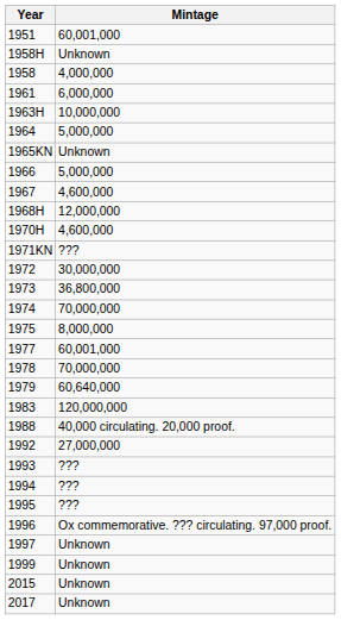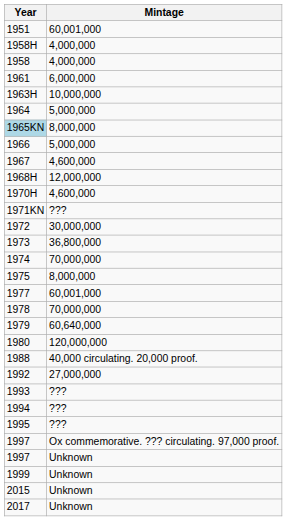 <table class="wikitable">
 <tr>
 <th>Year</th>
 <th>Mintage</th>
 </tr>
 <tr>
 <td>1951</td>
 <td>60,001,000</td>
 </tr>
 <tr>
 <td>1958H</td>
-<td>Unknown</td>
+<td>4,000,000</td>
 </tr>
 <tr>
 <td>1958</td>
 <td>4,000,000</td>
 </tr>
 <tr>
 <td>1961</td>
 <td>6,000,000</td>
 </tr>
 <tr>
 <td>1963H</td>
 <td>10,000,000</td>
 </tr>
 <tr>
 <td>1964</td>
 <td>5,000,000</td>
 </tr>
 <tr>
-<td>1965KN</td>
-<td>Unknown</td>
+<td style="background: lightblue;">1965KN</td>
+<td>8,000,000</td>
 </tr>
 <tr>
 <td>1966</td>
 <td>5,000,000</td>
 </tr>
 <tr>
 <td>1967</td>
 <td>4,600,000</td>
 </tr>
 <tr>
 <td>1968H</td>
 <td>12,000,000</td>
 </tr>
 <tr>
 <td>1970H</td>
 <td>4,600,000</td>
 </tr>
 <tr>
 <td>1971KN</td>
 <td>???</td>
 </tr>
 <tr>
 <td>1972</td>
 <td>30,000,000</td>
 </tr>
 <tr>
 <td>1973</td>
 <td>36,800,000</td>
 </tr>
 <tr>
 <td>1974</td>
 <td>70,000,000</td>
 </tr>
 <tr>
 <td>1975</td>
 <td>8,000,000</td>
 </tr>
 <tr>
 <td>1977</td>
 <td>60,001,000</td>
 </tr>
 <tr>
 <td>1978</td>
 <td>70,000,000</td>
 </tr>
 <tr>
 <td>1979</td>
 <td>60,640,000</td>
 </tr>
 <tr>
-<td>1983</td>
+<td>1980</td>
 <td>120,000,000</td>
 </tr>
 <tr>
 <td>1988</td>
 <td>40,000 circulating. 20,000 proof.</td>
 </tr>
 <tr>
 <td>1992</td>
 <td>27,000,000</td>
 </tr>
 <tr>
 <td>1993</td>
 <td>???</td>
 </tr>
 <tr>
 <td>1994</td>
 <td>???</td>
 </tr>
 <tr>
 <td>1995</td>
 <td>???</td>
 </tr>
 <tr>
-<td>1996</td>
+<td>1997</td>
 <td>Ox commemorative. ??? circulating. 97,000 proof.</td>
 </tr>
 <tr>
 <td>1997</td>
 <td>Unknown</td>
 </tr>
 <tr>
 <td>1999</td>
 <td>Unknown</td>
 </tr>
 <tr>
 <td>2015</td>
 <td>Unknown</td>
 </tr>
 <tr>
 <td>2017</td>
 <td>Unknown</td>
 </tr>
 </table>
